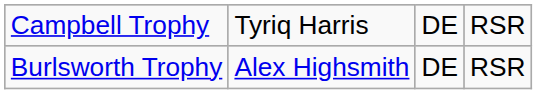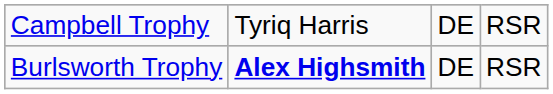 <table class="wikitable">
 <tr>
 <td><a href='#'>Campbell Trophy</a></td>
 <td>Tyriq Harris</td>
 <td>DE</td>
 <td>RSR</td>
 </tr>
 <tr>
 <td><a href='#'>Burlsworth Trophy</a></td>
-<td><a href='#'>Alex Highsmith</a></td>
+<td><strong><a href='#'>Alex Highsmith</a></strong></td>
 <td>DE</td>
 <td>RSR</td>
 </tr>
 </table>
